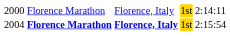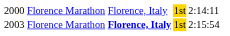 <table>
 <tr>
 <td>2000</td>
 <td><a href='#'>Florence Marathon</a></td>
 <td><a href='#'>Florence, Italy</a></td>
 <td bgcolor=gold>1st</td>
 <td>2:14:11</td>
 </tr>
 <tr>
-<td>2004</td>
-<td><strong><a href='#'>Florence Marathon</a></strong></td>
+<td>2003</td>
+<td><a href='#'>Florence Marathon</a></td>
 <td><strong><a href='#'>Florence, Italy</a></strong></td>
 <td bgcolor=gold>1st</td>
 <td>2:15:54</td>
 </tr>
 </table>
